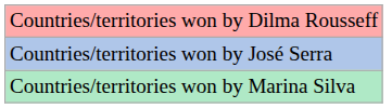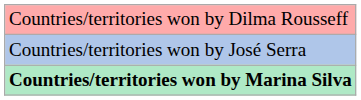 <table class="wikitable">
 <tr style="background-color: #ffaaaa">
 <td>Countries/territories won by Dilma Rousseff</td>
 </tr>
 <tr style="background-color: #afc6e9">
 <td>Countries/territories won by José Serra</td>
 </tr>
 <tr style="background-color: #afe9c6">
-<td>Countries/territories won by Marina Silva</td>
+<td><strong>Countries/territories won by Marina Silva</strong></td>
 </tr>
 </table>
